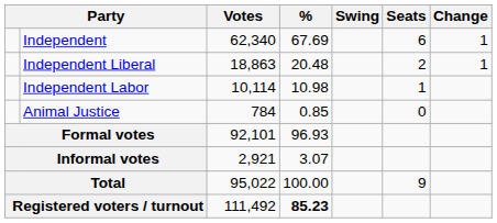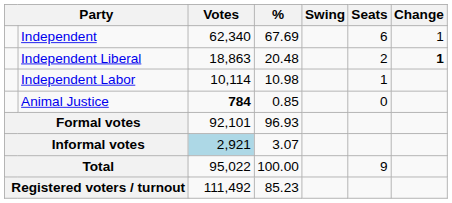 <table class="wikitable" style="text-align:right; margin-bottom:0">
 <tr>
 <th colspan="3" style="width:10px">Party</th>
 <th style="width:70px;">Votes</th>
 <th style="width:40px;">%</th>
 <th style="width:40px;">Swing</th>
 <th style="width:40px;">Seats</th>
 <th style="width:40px;">Change</th>
 </tr>
 <tr>
 <td> </td>
 <td colspan="2" style="text-align:left;"><a href='#'>Independent</a></td>
 <td style="width:70px;">62,340</td>
 <td style="width:40px;">67.69</td>
 <td style="width:45px;"></td>
 <td style="width:40px;">6</td>
 <td style="width:40px;"> 1</td>
 </tr>
 <tr>
 <td> </td>
 <td colspan="2" style="text-align:left;"><a href='#'>Independent Liberal</a></td>
 <td>18,863</td>
 <td>20.48</td>
 <td></td>
 <td>2</td>
-<td> 1</td>
+<td><strong> 1</strong></td>
 </tr>
 <tr>
 <td> </td>
 <td colspan="2" style="text-align:left;"><a href='#'>Independent Labor</a></td>
 <td>10,114</td>
 <td>10.98</td>
 <td></td>
 <td>1</td>
 <td></td>
 </tr>
 <tr>
 <td> </td>
 <td colspan="2" style="text-align:left;"><a href='#'>Animal Justice</a></td>
-<td>784</td>
+<td><strong>784</strong></td>
 <td>0.85</td>
 <td></td>
 <td>0</td>
 <td></td>
 </tr>
 <tr>
 <th colspan="3" rowspan="1"> Formal votes</th>
 <td>92,101</td>
 <td>96.93</td>
 <td></td>
 <td></td>
 <td></td>
 </tr>
 <tr>
 <th colspan="3" rowspan="1"> Informal votes</th>
-<td>2,921</td>
+<td style="background: lightblue;">2,921</td>
 <td>3.07</td>
 <td></td>
 <td></td>
 <td></td>
 </tr>
 <tr>
 <th colspan="3" rowspan="1"> Total</th>
 <td>95,022</td>
 <td>100.00</td>
 <td></td>
 <td>9</td>
 <td></td>
 </tr>
 <tr>
 <th colspan="3" rowspan="1"> Registered voters / turnout</th>
 <td>111,492</td>
-<td><strong>85.23</strong></td>
+<td>85.23</td>
 <td></td>
 <td></td>
 <td></td>
 </tr>
 </table>
